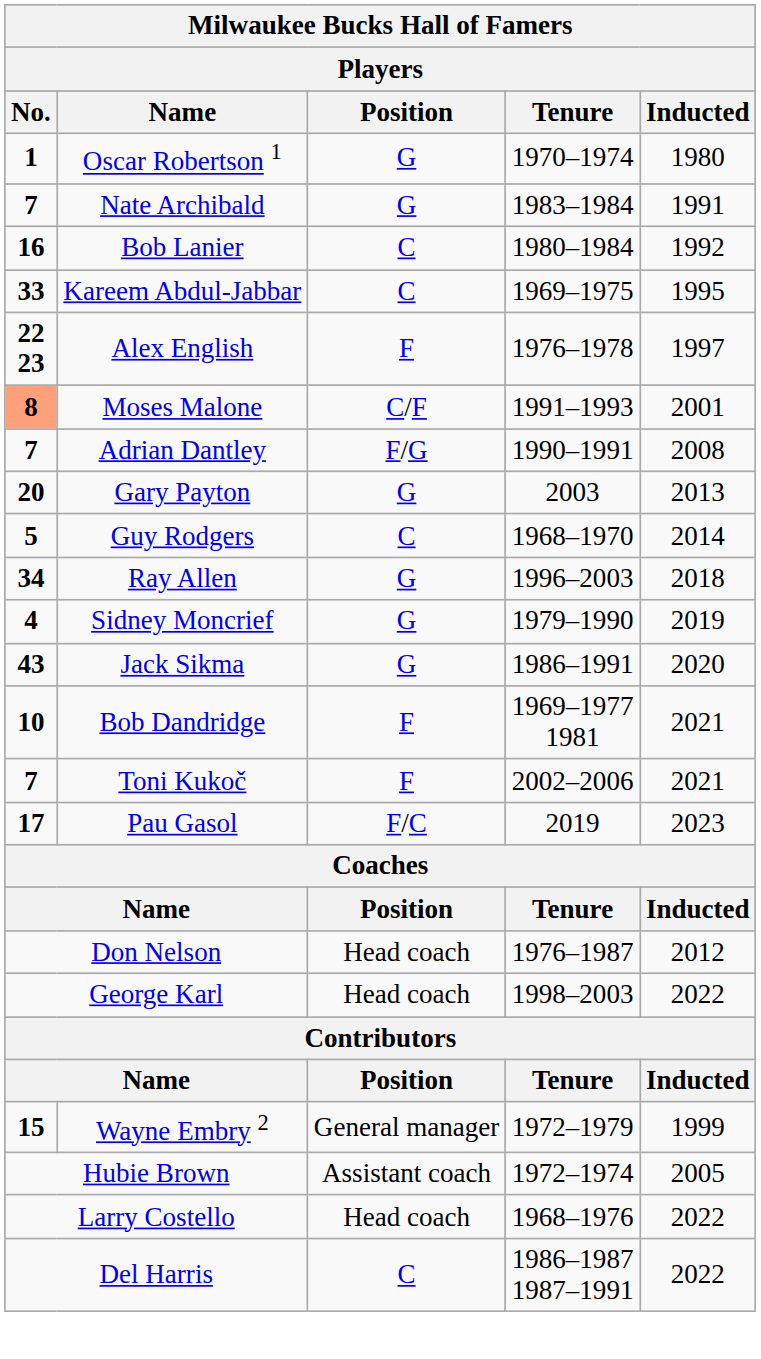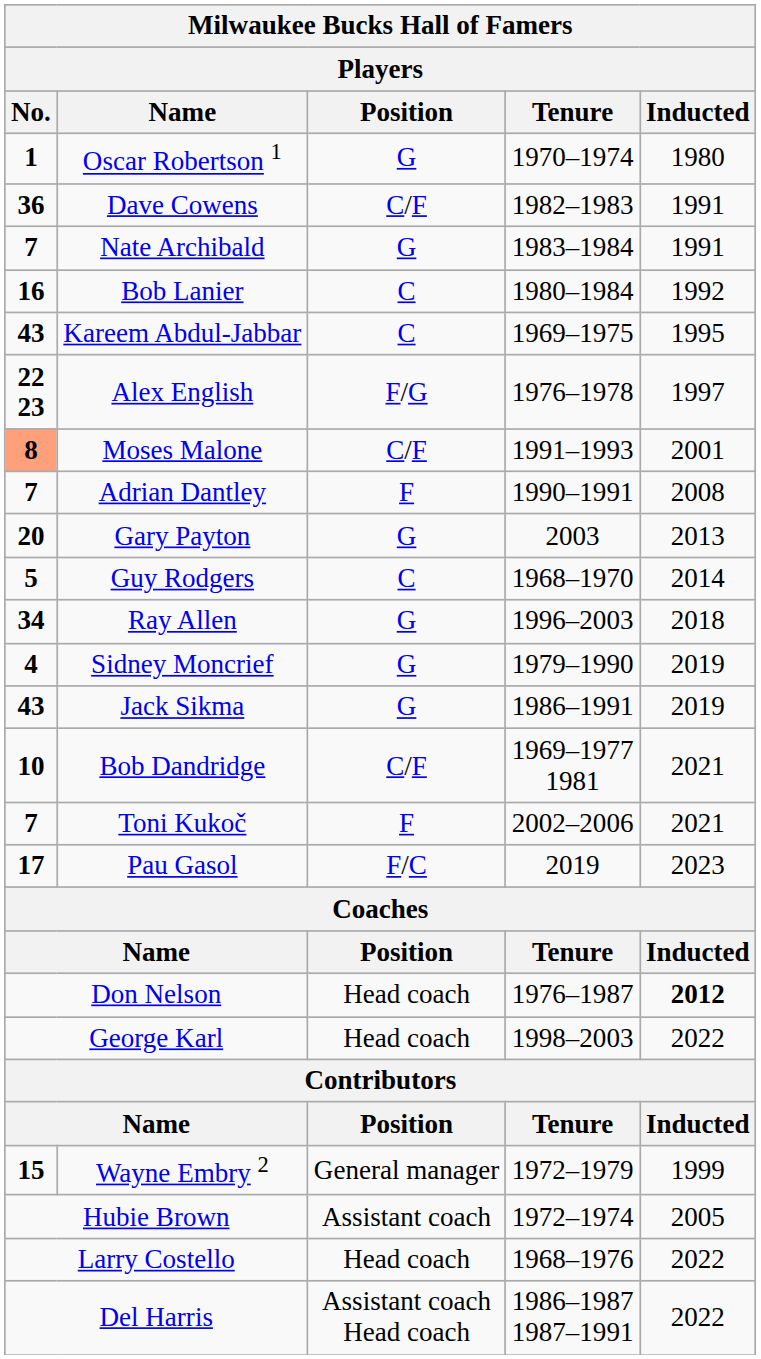 <table class="wikitable" style="text-align:center">
 <tr>
 <th colspan="5">Milwaukee Bucks Hall of Famers</th>
 </tr>
 <tr>
 <th colspan="5" style="text-align:center; ">Players</th>
 </tr>
 <tr>
 <th>No.</th>
 <th>Name</th>
 <th>Position</th>
 <th>Tenure</th>
 <th>Inducted</th>
 </tr>
 <tr>
 <td><strong>1</strong></td>
 <td><a href='#'>Oscar Robertson</a> <sup>1</sup></td>
 <td><a href='#'>G</a></td>
 <td>1970–1974</td>
 <td>1980</td>
 </tr>
 <tr>
+<td><strong>36</strong></td>
+<td><a href='#'>Dave Cowens</a></td>
+<td><a href='#'>C</a>/<a href='#'>F</a></td>
+<td>1982–1983</td>
+<td>1991</td>
+</tr>
+<tr>
 <td><strong>7</strong></td>
 <td><a href='#'>Nate Archibald</a></td>
 <td><a href='#'>G</a></td>
 <td>1983–1984</td>
 <td>1991</td>
 </tr>
 <tr>
 <td><strong>16</strong></td>
 <td><a href='#'>Bob Lanier</a></td>
 <td><a href='#'>C</a></td>
 <td>1980–1984</td>
 <td>1992</td>
 </tr>
 <tr>
-<td><strong>33</strong></td>
+<td><strong>43</strong></td>
 <td><a href='#'>Kareem Abdul-Jabbar</a></td>
 <td><a href='#'>C</a></td>
 <td>1969–1975</td>
 <td>1995</td>
 </tr>
 <tr>
 <td><strong>22</strong><br><strong>23</strong></td>
 <td><a href='#'>Alex English</a></td>
-<td><a href='#'>F</a></td>
+<td><a href='#'>F</a>/<a href='#'>G</a></td>
 <td>1976–1978</td>
 <td>1997</td>
 </tr>
 <tr>
 <td style="background: lightsalmon;"><strong>8</strong></td>
 <td><a href='#'>Moses Malone</a></td>
 <td><a href='#'>C</a>/<a href='#'>F</a></td>
 <td>1991–1993</td>
 <td>2001</td>
 </tr>
 <tr>
 <td><strong>7</strong></td>
 <td><a href='#'>Adrian Dantley</a></td>
-<td><a href='#'>F</a>/<a href='#'>G</a></td>
+<td><a href='#'>F</a></td>
 <td>1990–1991</td>
 <td>2008</td>
 </tr>
 <tr>
 <td><strong>20</strong></td>
 <td><a href='#'>Gary Payton</a></td>
 <td><a href='#'>G</a></td>
 <td>2003</td>
 <td>2013</td>
 </tr>
 <tr>
 <td><strong>5</strong></td>
 <td><a href='#'>Guy Rodgers</a></td>
 <td><a href='#'>C</a></td>
 <td>1968–1970</td>
 <td>2014</td>
 </tr>
 <tr>
 <td><strong>34</strong></td>
 <td><a href='#'>Ray Allen</a></td>
 <td><a href='#'>G</a></td>
 <td>1996–2003</td>
 <td>2018</td>
 </tr>
 <tr>
 <td><strong>4</strong></td>
 <td><a href='#'>Sidney Moncrief</a></td>
 <td><a href='#'>G</a></td>
 <td>1979–1990</td>
 <td>2019</td>
 </tr>
 <tr>
 <td><strong>43</strong></td>
 <td><a href='#'>Jack Sikma</a></td>
 <td><a href='#'>G</a></td>
 <td>1986–1991</td>
-<td>2020</td>
+<td>2019</td>
 </tr>
 <tr>
 <td><strong>10</strong></td>
 <td><a href='#'>Bob Dandridge</a></td>
-<td><a href='#'>F</a></td>
+<td><a href='#'>C</a>/<a href='#'>F</a></td>
 <td>1969–1977<br>1981</td>
 <td>2021</td>
 </tr>
 <tr>
 <td><strong>7</strong></td>
 <td><a href='#'>Toni Kukoč</a></td>
 <td><a href='#'>F</a></td>
 <td>2002–2006</td>
 <td>2021</td>
 </tr>
 <tr>
 <td><strong>17</strong></td>
 <td><a href='#'>Pau Gasol</a></td>
 <td><a href='#'>F</a>/<a href='#'>C</a></td>
 <td>2019</td>
 <td>2023</td>
 </tr>
 <tr>
 <th colspan="5" style="text-align:center; ">Coaches</th>
 </tr>
 <tr>
 <th colspan="2">Name</th>
 <th>Position</th>
 <th>Tenure</th>
 <th>Inducted</th>
 </tr>
 <tr>
 <td colspan="2"><a href='#'>Don Nelson</a></td>
 <td>Head coach</td>
 <td>1976–1987</td>
-<td>2012</td>
+<td><strong>2012</strong></td>
 </tr>
 <tr>
 <td colspan="2"><a href='#'>George Karl</a></td>
 <td>Head coach</td>
 <td>1998–2003</td>
 <td>2022</td>
 </tr>
 <tr>
 <th colspan="5" style="text-align:center; ">Contributors</th>
 </tr>
 <tr>
 <th colspan="2">Name</th>
 <th>Position</th>
 <th>Tenure</th>
 <th>Inducted</th>
 </tr>
 <tr>
 <td><strong>15</strong></td>
 <td><a href='#'>Wayne Embry</a> <sup>2</sup></td>
 <td>General manager</td>
 <td>1972–1979</td>
 <td>1999</td>
 </tr>
 <tr>
 <td colspan="2"><a href='#'>Hubie Brown</a></td>
 <td>Assistant coach</td>
 <td>1972–1974</td>
 <td>2005</td>
 </tr>
 <tr>
 <td colspan="2"><a href='#'>Larry Costello</a></td>
 <td>Head coach</td>
 <td>1968–1976</td>
 <td>2022</td>
 </tr>
 <tr>
 <td colspan="2"><a href='#'>Del Harris</a></td>
-<td><a href='#'>C</a></td>
+<td>Assistant coach<br>Head coach</td>
 <td>1986–1987<br>1987–1991</td>
 <td>2022</td>
 </tr>
 </table>
